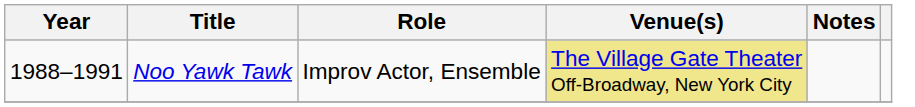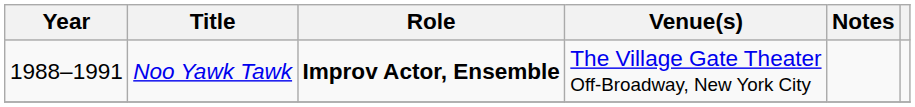 <table class="wikitable sortable">
 <tr>
 <th>Year</th>
 <th>Title</th>
 <th>Role</th>
 <th>Venue(s)</th>
 <th class="unsortable">Notes</th>
 <th class="unsortable"></th>
 </tr>
 <tr>
 <td>1988–1991</td>
 <td><em><a href='#'>Noo Yawk Tawk</a></em></td>
-<td>Improv Actor, Ensemble</td>
-<td style="background: khaki;"><a href='#'>The Village Gate Theater</a> <br><small>Off-Broadway, New York City</small></td>
+<td><strong>Improv Actor, Ensemble</strong></td>
+<td><a href='#'>The Village Gate Theater</a> <br><small>Off-Broadway, New York City</small></td>
 <td></td>
 <td></td>
 </tr>
 <tr>
 </tr>
 </table>
